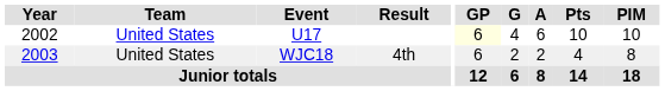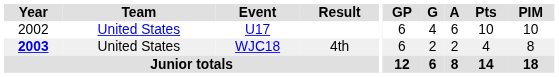 <table border="0" cellpadding="1" cellspacing="0" ID="Table3" style="text-align:center; width:40em">
 <tr ALIGN="center" bgcolor="#e0e0e0">
 <th>Year</th>
 <th>Team</th>
 <th>Event</th>
 <th>Result</th>
 <th rowspan="99" bgcolor="#ffffff"></th>
 <th>GP</th>
 <th>G</th>
 <th>A</th>
 <th>Pts</th>
 <th>PIM</th>
 </tr>
 <tr>
 <td>2002</td>
 <td><a href='#'>United States</a></td>
 <td><a href='#'>U17</a></td>
 <td></td>
-<td style="background: lightyellow;">6</td>
+<td>6</td>
 <td>4</td>
 <td>6</td>
 <td>10</td>
 <td>10</td>
 </tr>
 <tr bgcolor="#f0f0f0">
-<td><a href='#'>2003</a></td>
+<td><strong><a href='#'>2003</a></strong></td>
 <td>United States</td>
 <td><a href='#'>WJC18</a></td>
 <td>4th</td>
 <td>6</td>
 <td>2</td>
 <td>2</td>
 <td>4</td>
 <td>8</td>
 </tr>
 <tr bgcolor="#e0e0e0">
 <th colspan="4">Junior totals</th>
 <th>12</th>
 <th>6</th>
 <th>8</th>
 <th>14</th>
 <th>18</th>
 </tr>
 </table>
